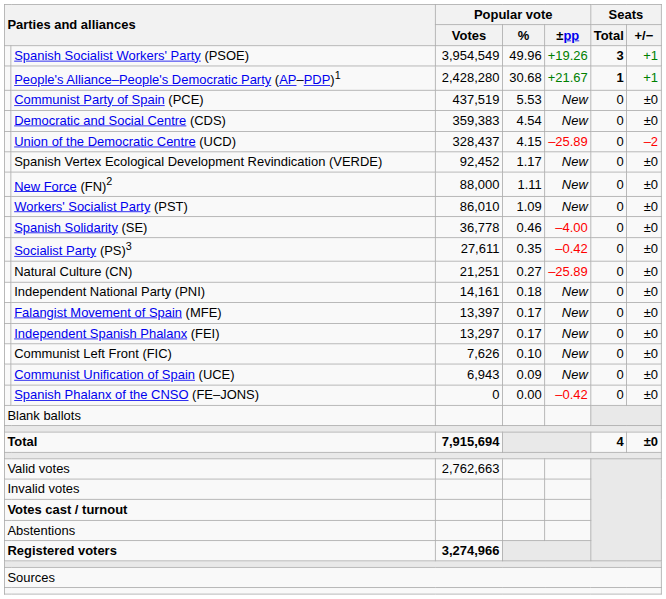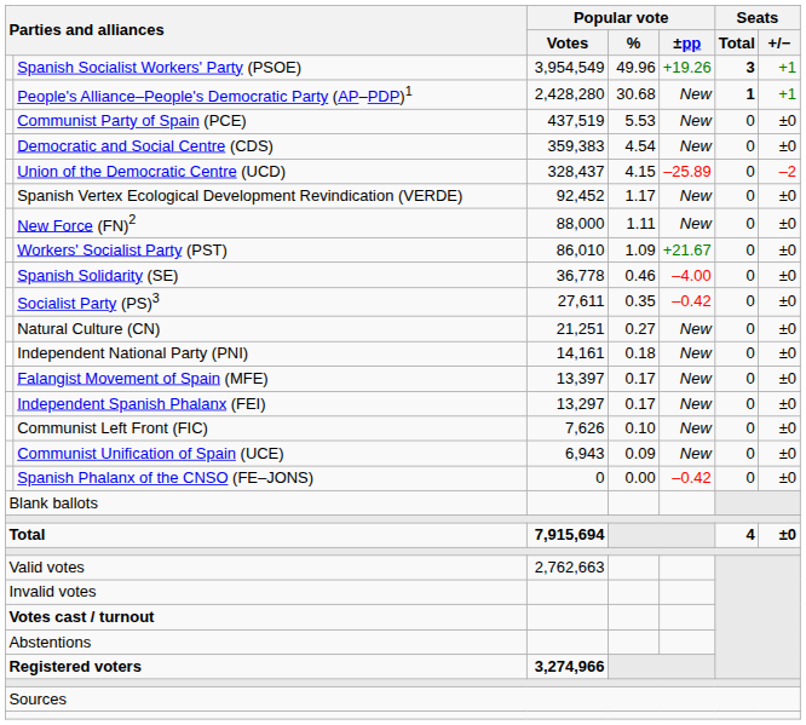 <table class="wikitable" style="text-align:right;">
 <tr>
 <th style="text-align:left;" rowspan="2" colspan="2" width="525">Parties and alliances</th>
 <th colspan="3">Popular vote</th>
 <th colspan="2">Seats</th>
 </tr>
 <tr>
 <th width="75">Votes</th>
 <th width="45">%</th>
 <th width="45">±<a href='#'>pp</a></th>
 <th width="35">Total</th>
 <th width="35">+/−</th>
 </tr>
 <tr>
 <td width="1" style="color:inherit;background:"></td>
 <td align="left"><a href='#'>Spanish Socialist Workers' Party</a> (PSOE)</td>
 <td>3,954,549</td>
 <td>49.96</td>
 <td style="color:green;">+19.26</td>
 <td><strong>3</strong></td>
 <td style="color:green;">+1</td>
 </tr>
 <tr>
 <td style="color:inherit;background:"></td>
 <td align="left"><a href='#'>People's Alliance–People's Democratic Party</a> (<a href='#'>AP</a>–<a href='#'>PDP</a>)<sup>1</sup></td>
 <td>2,428,280</td>
 <td>30.68</td>
-<td style="color:green;">+21.67</td>
+<td><em>New</em></td>
 <td><strong>1</strong></td>
 <td style="color:green;">+1</td>
 </tr>
 <tr>
 <td style="color:inherit;background:"></td>
 <td align="left"><a href='#'>Communist Party of Spain</a> (PCE)</td>
 <td>437,519</td>
 <td>5.53</td>
 <td><em>New</em></td>
 <td>0</td>
 <td>±0</td>
 </tr>
 <tr>
 <td style="color:inherit;background:"></td>
 <td align="left"><a href='#'>Democratic and Social Centre</a> (CDS)</td>
 <td>359,383</td>
 <td>4.54</td>
 <td><em>New</em></td>
 <td>0</td>
 <td>±0</td>
 </tr>
 <tr>
 <td style="color:inherit;background:"></td>
 <td align="left"><a href='#'>Union of the Democratic Centre</a> (UCD)</td>
 <td>328,437</td>
 <td>4.15</td>
 <td style="color:red;">–25.89</td>
 <td>0</td>
 <td style="color:red;">–2</td>
 </tr>
 <tr>
 <td style="color:inherit;background:"></td>
 <td align="left">Spanish Vertex Ecological Development Revindication (VERDE)</td>
 <td>92,452</td>
 <td>1.17</td>
 <td><em>New</em></td>
 <td>0</td>
 <td>±0</td>
 </tr>
 <tr>
 <td style="color:inherit;background:"></td>
 <td align="left"><a href='#'>New Force</a> (FN)<sup>2</sup></td>
 <td>88,000</td>
 <td>1.11</td>
 <td><em>New</em></td>
 <td>0</td>
 <td>±0</td>
 </tr>
 <tr>
 <td style="color:inherit;background:"></td>
 <td align="left"><a href='#'>Workers' Socialist Party</a> (PST)</td>
 <td>86,010</td>
 <td>1.09</td>
-<td><em>New</em></td>
+<td style="color:green;">+21.67</td>
 <td>0</td>
 <td>±0</td>
 </tr>
 <tr>
 <td style="color:inherit;background:"></td>
 <td align="left"><a href='#'>Spanish Solidarity</a> (SE)</td>
 <td>36,778</td>
 <td>0.46</td>
 <td style="color:red;">–4.00</td>
 <td>0</td>
 <td>±0</td>
 </tr>
 <tr>
 <td style="color:inherit;background:"></td>
 <td align="left"><a href='#'>Socialist Party</a> (PS)<sup>3</sup></td>
 <td>27,611</td>
 <td>0.35</td>
 <td style="color:red;">–0.42</td>
 <td>0</td>
 <td>±0</td>
 </tr>
 <tr>
 <td style="color:inherit;background:"></td>
 <td align="left">Natural Culture (CN)</td>
 <td>21,251</td>
 <td>0.27</td>
-<td style="color:red;">–25.89</td>
+<td><em>New</em></td>
 <td>0</td>
 <td>±0</td>
 </tr>
 <tr>
 <td bgcolor="white"></td>
 <td align="left">Independent National Party (PNI)</td>
 <td>14,161</td>
 <td>0.18</td>
 <td><em>New</em></td>
 <td>0</td>
 <td>±0</td>
 </tr>
 <tr>
 <td style="color:inherit;background:"></td>
 <td align="left"><a href='#'>Falangist Movement of Spain</a> (MFE)</td>
 <td>13,397</td>
 <td>0.17</td>
 <td><em>New</em></td>
 <td>0</td>
 <td>±0</td>
 </tr>
 <tr>
 <td style="color:inherit;background:"></td>
 <td align="left"><a href='#'>Independent Spanish Phalanx</a> (FEI)</td>
 <td>13,297</td>
 <td>0.17</td>
 <td><em>New</em></td>
 <td>0</td>
 <td>±0</td>
 </tr>
 <tr>
 <td bgcolor="white"></td>
 <td align="left">Communist Left Front (FIC)</td>
 <td>7,626</td>
 <td>0.10</td>
 <td><em>New</em></td>
 <td>0</td>
 <td>±0</td>
 </tr>
 <tr>
 <td style="color:inherit;background:"></td>
 <td align="left"><a href='#'>Communist Unification of Spain</a> (UCE)</td>
 <td>6,943</td>
 <td>0.09</td>
 <td><em>New</em></td>
 <td>0</td>
 <td>±0</td>
 </tr>
 <tr>
 <td style="color:inherit;background:"></td>
 <td align="left"><a href='#'>Spanish Phalanx of the CNSO</a> (FE–JONS)</td>
 <td>0</td>
 <td>0.00</td>
 <td style="color:red;">–0.42</td>
 <td>0</td>
 <td>±0</td>
 </tr>
 <tr>
 <td align="left" colspan="2">Blank ballots</td>
 <td></td>
 <td></td>
 <td></td>
 <td bgcolor="#E9E9E9" colspan="2"></td>
 </tr>
 <tr>
 <td colspan="7" bgcolor="#E9E9E9"></td>
 </tr>
 <tr style="font-weight:bold;">
 <td align="left" colspan="2">Total</td>
 <td>7,915,694</td>
 <td bgcolor="#E9E9E9" colspan="2"></td>
 <td>4</td>
 <td>±0</td>
 </tr>
 <tr>
 <td colspan="7" bgcolor="#E9E9E9"></td>
 </tr>
 <tr>
 <td align="left" colspan="2">Valid votes</td>
 <td>2,762,663</td>
 <td></td>
 <td></td>
 <td bgcolor="#E9E9E9" colspan="2" rowspan="5"></td>
 </tr>
 <tr>
 <td align="left" colspan="2">Invalid votes</td>
 <td></td>
 <td></td>
 <td></td>
 </tr>
 <tr style="font-weight:bold;">
 <td align="left" colspan="2">Votes cast / turnout</td>
 <td></td>
 <td></td>
 <td></td>
 </tr>
 <tr>
 <td align="left" colspan="2">Abstentions</td>
 <td></td>
 <td></td>
 <td></td>
 </tr>
 <tr style="font-weight:bold;">
 <td align="left" colspan="2">Registered voters</td>
 <td>3,274,966</td>
 <td bgcolor="#E9E9E9" colspan="2"></td>
 </tr>
 <tr>
 <td colspan="7" bgcolor="#E9E9E9"></td>
 </tr>
 <tr>
 <td align="left" colspan="7">Sources</td>
 </tr>
 <tr>
 <td colspan="7" style="text-align:left; max-width:790px;"></td>
 </tr>
 </table>
